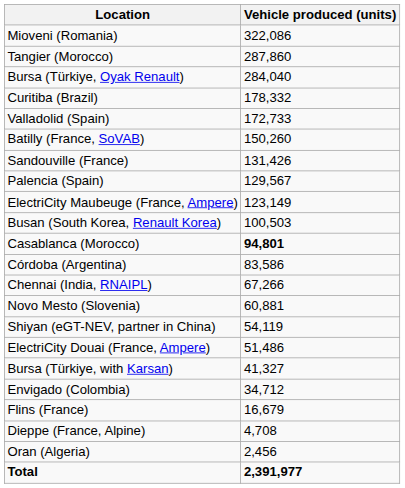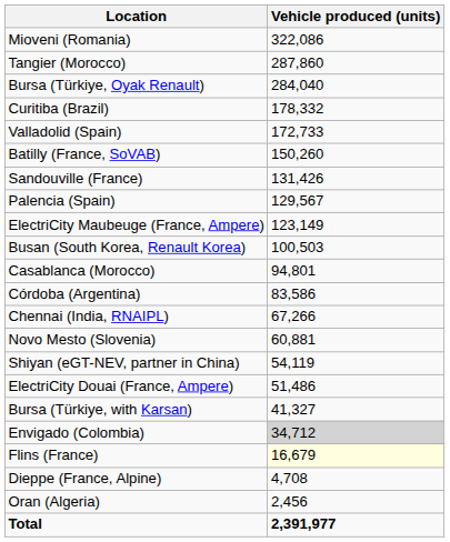 <table class="wikitable">
 <tr>
 <th>Location</th>
 <th>Vehicle produced (units)</th>
 </tr>
 <tr>
 <td>Mioveni (Romania)</td>
 <td>322,086</td>
 </tr>
 <tr>
 <td>Tangier (Morocco)</td>
 <td>287,860</td>
 </tr>
 <tr>
 <td>Bursa (Türkiye, <a href='#'>Oyak Renault</a>)</td>
 <td>284,040</td>
 </tr>
 <tr>
 <td>Curitiba (Brazil)</td>
 <td>178,332</td>
 </tr>
 <tr>
 <td>Valladolid (Spain)</td>
 <td>172,733</td>
 </tr>
 <tr>
 <td>Batilly (France, <a href='#'>SoVAB</a>)</td>
 <td>150,260</td>
 </tr>
 <tr>
 <td>Sandouville (France)</td>
 <td>131,426</td>
 </tr>
 <tr>
 <td>Palencia (Spain)</td>
 <td>129,567</td>
 </tr>
 <tr>
 <td>ElectriCity Maubeuge (France, <a href='#'>Ampere</a>)</td>
 <td>123,149</td>
 </tr>
 <tr>
 <td>Busan (South Korea, <a href='#'>Renault Korea</a>)</td>
 <td>100,503</td>
 </tr>
 <tr>
 <td>Casablanca (Morocco)</td>
-<td><strong>94,801</strong></td>
+<td>94,801</td>
 </tr>
 <tr>
 <td>Córdoba (Argentina)</td>
 <td>83,586</td>
 </tr>
 <tr>
 <td>Chennai (India, <a href='#'>RNAIPL</a>)</td>
 <td>67,266</td>
 </tr>
 <tr>
 <td>Novo Mesto (Slovenia)</td>
 <td>60,881</td>
 </tr>
 <tr>
 <td>Shiyan (eGT-NEV, partner in China)</td>
 <td>54,119</td>
 </tr>
 <tr>
 <td>ElectriCity Douai (France, <a href='#'>Ampere</a>)</td>
 <td>51,486</td>
 </tr>
 <tr>
 <td>Bursa (Türkiye, with <a href='#'>Karsan</a>)</td>
 <td>41,327</td>
 </tr>
 <tr>
 <td>Envigado (Colombia)</td>
-<td>34,712</td>
+<td style="background: lightgrey;">34,712</td>
 </tr>
 <tr>
 <td>Flins (France)</td>
-<td>16,679</td>
+<td style="background: lightyellow;">16,679</td>
 </tr>
 <tr>
 <td>Dieppe (France, Alpine)</td>
 <td>4,708</td>
 </tr>
 <tr>
 <td>Oran (Algeria)</td>
 <td>2,456</td>
 </tr>
 <tr>
 <td><strong>Total</strong></td>
 <td><strong>2,391,977</strong></td>
 </tr>
 </table>
